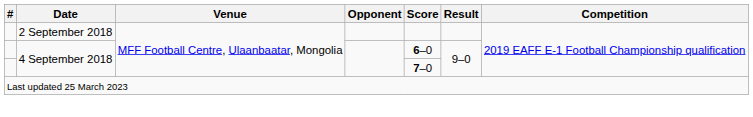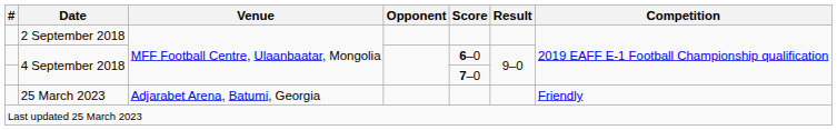 <table class="wikitable" style="font-size:95%">
 <tr>
 <th>#</th>
 <th>Date</th>
 <th>Venue</th>
 <th>Opponent</th>
 <th>Score</th>
 <th>Result</th>
 <th>Competition</th>
 </tr>
 <tr>
 <td></td>
 <td>2 September 2018</td>
 <td rowspan=3><a href='#'>MFF Football Centre</a>, <a href='#'>Ulaanbaatar</a>, Mongolia</td>
 <td></td>
 <td></td>
 <td></td>
 <td rowspan=3><a href='#'>2019 EAFF E-1 Football Championship qualification</a></td>
 </tr>
 <tr>
 <td></td>
 <td rowspan=2>4 September 2018</td>
 <td rowspan=2></td>
 <td style="text-align:center;"><strong>6</strong>–0</td>
 <td rowspan=2 style="text-align:center;">9–0</td>
 </tr>
 <tr>
 <td></td>
 <td style="text-align:center;"><strong>7</strong>–0</td>
 </tr>
 <tr>
+<td></td>
+<td>25 March 2023</td>
+<td><a href='#'>Adjarabet Arena</a>, <a href='#'>Batumi</a>, Georgia</td>
+<td></td>
+<td></td>
+<td></td>
+<td><a href='#'>Friendly</a></td>
+</tr>
+<tr>
 <td colspan="7"><small>Last updated 25 March 2023</small></td>
 </tr>
 </table>
